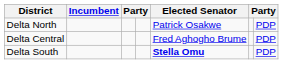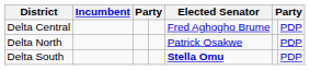 <table class="sortable wikitable" style="font-size:95%;line-height:14px;">
 <tr>
 <th class="unsortable">District</th>
 <th class="unsortable"><a href='#'>Incumbent</a></th>
 <th colspan="2">Party</th>
 <th class="unsortable">Elected Senator</th>
 <th colspan="2">Party</th>
 </tr>
 <tr>
+<td>Delta Central</td>
+<td></td>
+<td></td>
+<td></td>
+<td><a href='#'>Fred Aghogho Brume</a></td>
+<td style="background:"></td>
+<td><a href='#'>PDP</a></td>
+</tr>
+<tr>
 <td>Delta North</td>
 <td></td>
 <td></td>
 <td></td>
 <td><a href='#'>Patrick Osakwe</a></td>
-<td style="background:"></td>
-<td><a href='#'>PDP</a></td>
-</tr>
-<tr>
-<td>Delta Central</td>
-<td></td>
-<td></td>
-<td></td>
-<td><a href='#'>Fred Aghogho Brume</a></td>
 <td style="background:"></td>
 <td><a href='#'>PDP</a></td>
 </tr>
 <tr>
 <td>Delta South</td>
 <td></td>
 <td></td>
 <td></td>
 <td><strong><a href='#'>Stella Omu</a></strong></td>
 <td style="background:"></td>
 <td><a href='#'>PDP</a></td>
 </tr>
 </table>
